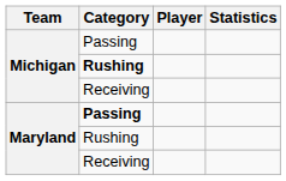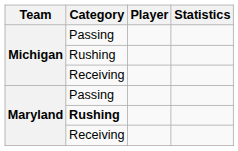 <table class="wikitable" style="float:right">
 <tr>
 <th>Team</th>
 <th>Category</th>
 <th>Player</th>
 <th>Statistics</th>
 </tr>
 <tr>
 <th rowspan=3>Michigan</th>
 <td>Passing</td>
 <td></td>
 <td></td>
 </tr>
 <tr>
-<td><strong>Rushing</strong></td>
+<td>Rushing</td>
 <td></td>
 <td></td>
 </tr>
 <tr>
 <td>Receiving</td>
 <td></td>
 <td></td>
 </tr>
 <tr>
 <th rowspan=3>Maryland</th>
-<td><strong>Passing</strong></td>
+<td>Passing</td>
 <td></td>
 <td></td>
 </tr>
 <tr>
-<td>Rushing</td>
+<td><strong>Rushing</strong></td>
 <td></td>
 <td></td>
 </tr>
 <tr>
 <td>Receiving</td>
 <td></td>
 <td></td>
 </tr>
 </table>
